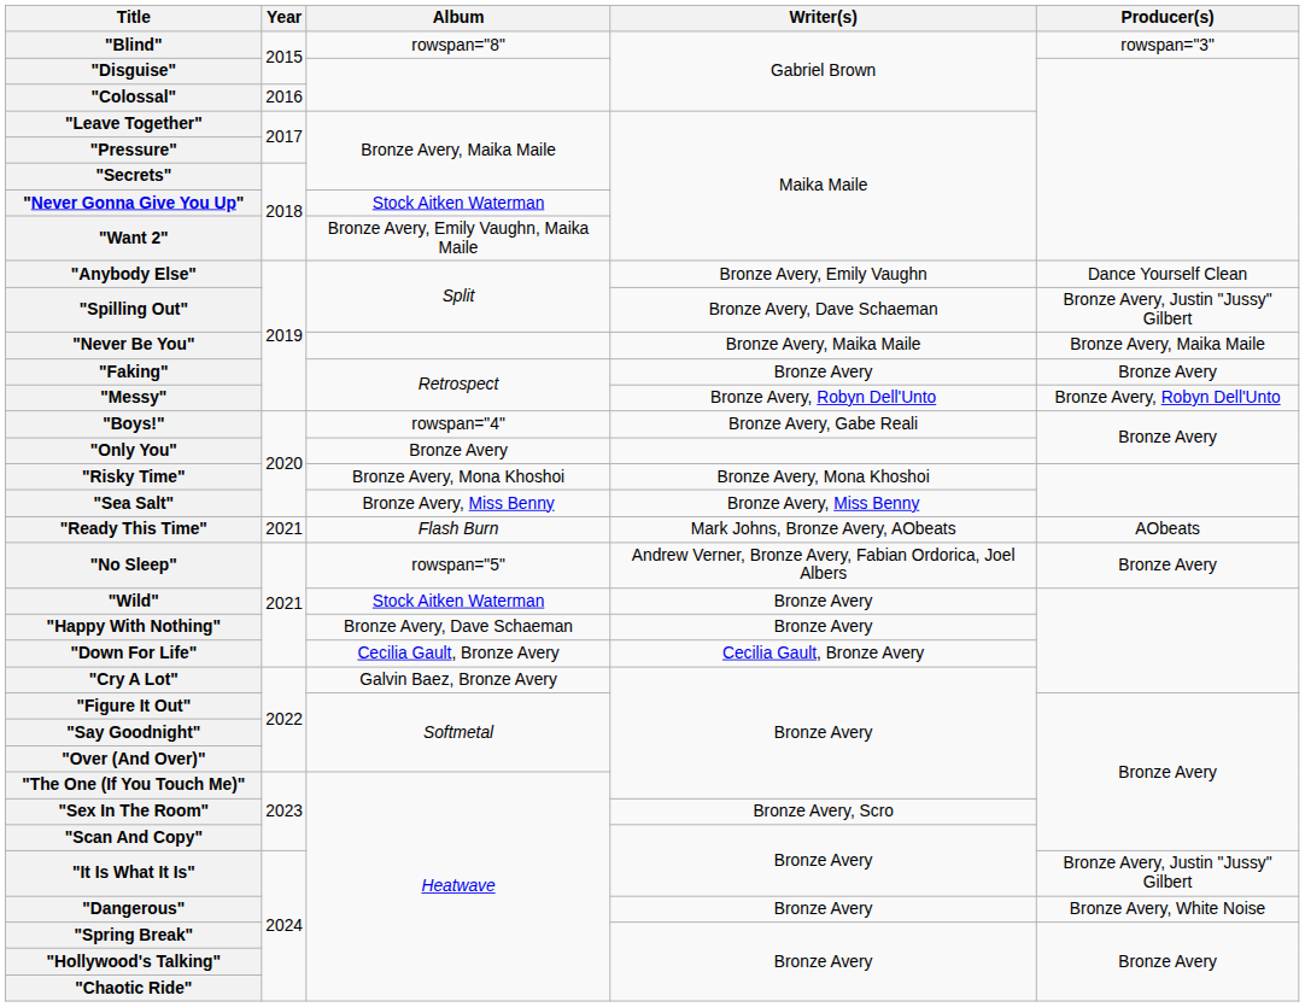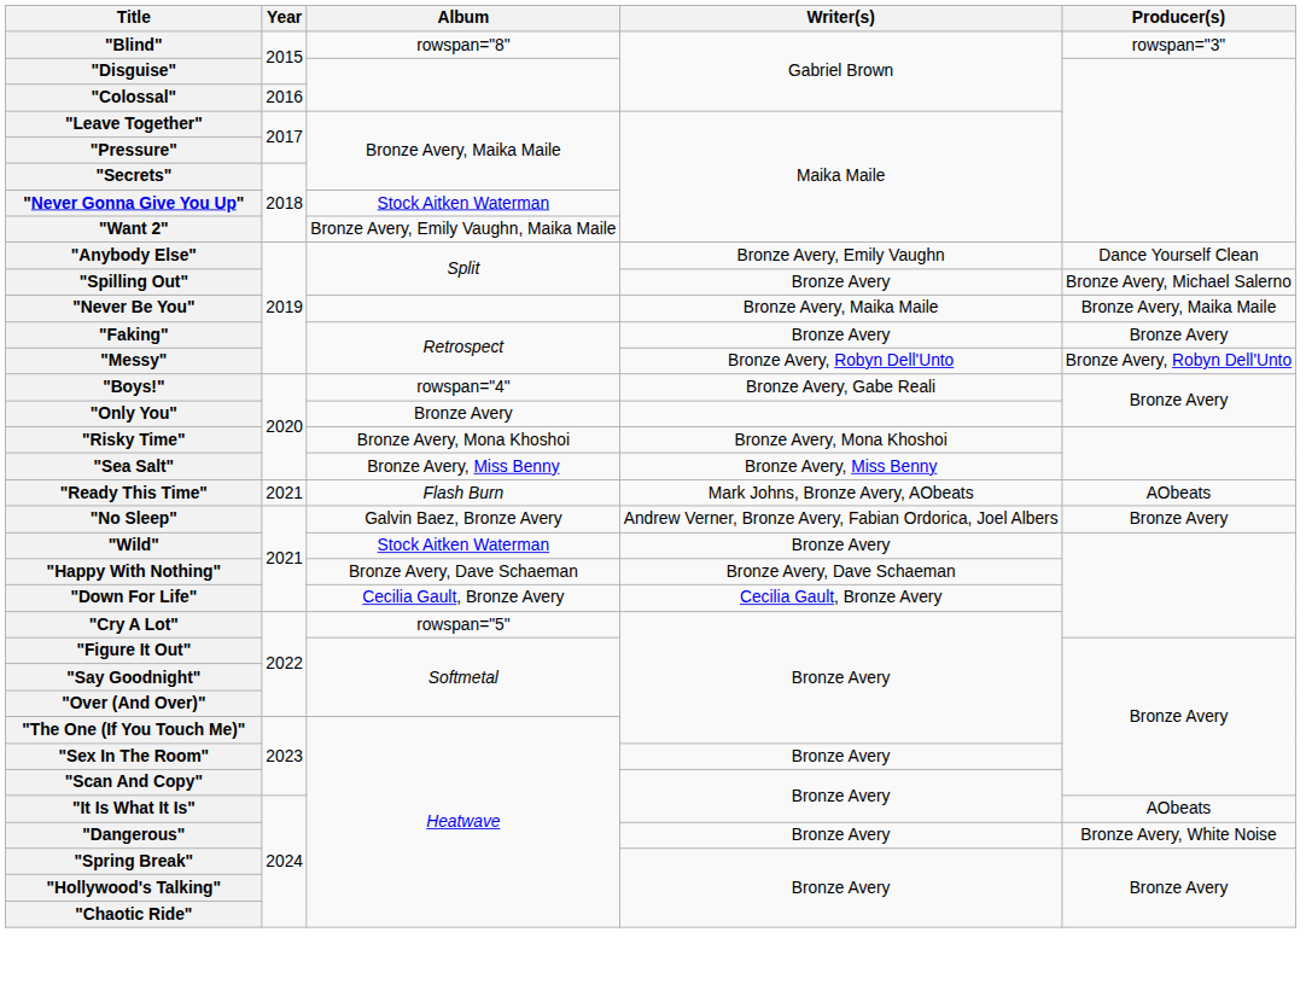 <table class="wikitable plainrowheaders" style="text-align:center;">
 <tr>
 <th scope="col" rowspan="1" style="width:15em;">Title</th>
 <th scope="col" rowspan="1">Year</th>
 <th scope="col" rowspan="1">Album</th>
 <th>Writer(s)</th>
 <th>Producer(s)</th>
 </tr>
 <tr>
 <th scope="row">"Blind"<br></th>
 <td rowspan="2">2015</td>
 <td>rowspan="8" </td>
 <td rowspan="3">Gabriel Brown</td>
 <td>rowspan="3" </td>
 </tr>
 <tr>
 <th scope="row">"Disguise"<br></th>
 </tr>
 <tr>
 <th scope="row">"Colossal"<br></th>
 <td>2016</td>
 </tr>
 <tr>
 <th scope="row">"Leave Together"</th>
 <td rowspan="2">2017</td>
 <td rowspan="3">Bronze Avery, Maika Maile</td>
 <td rowspan="5">Maika Maile</td>
 </tr>
 <tr>
 <th scope="row">"Pressure"</th>
 </tr>
 <tr>
 <th scope="row">"Secrets"</th>
 <td rowspan="3">2018</td>
 </tr>
 <tr>
 <th scope="row">"<a href='#'>Never Gonna Give You Up</a>"</th>
 <td><a href='#'>Stock Aitken Waterman</a></td>
 </tr>
 <tr>
 <th scope="row">"Want 2"</th>
 <td>Bronze Avery, Emily Vaughn, Maika Maile</td>
 </tr>
 <tr>
 <th scope="row">"Anybody Else"</th>
 <td rowspan="5">2019</td>
 <td rowspan="2"><em>Split</em></td>
 <td>Bronze Avery, Emily Vaughn</td>
 <td>Dance Yourself Clean</td>
 </tr>
 <tr>
 <th scope="row">"Spilling Out"</th>
-<td>Bronze Avery, Dave Schaeman</td>
-<td>Bronze Avery, Justin "Jussy" Gilbert</td>
+<td>Bronze Avery</td>
+<td>Bronze Avery, Michael Salerno</td>
 </tr>
 <tr>
 <th scope="row">"Never Be You"</th>
 <td></td>
 <td>Bronze Avery, Maika Maile</td>
 <td>Bronze Avery, Maika Maile</td>
 </tr>
 <tr>
 <th scope="row">"Faking"</th>
 <td rowspan="2"><em>Retrospect</em></td>
 <td>Bronze Avery</td>
 <td>Bronze Avery</td>
 </tr>
 <tr>
 <th scope="row">"Messy"</th>
 <td>Bronze Avery, <a href='#'>Robyn Dell'Unto</a></td>
 <td>Bronze Avery, <a href='#'>Robyn Dell'Unto</a></td>
 </tr>
 <tr>
 <th scope="row">"Boys!"</th>
 <td rowspan="4">2020</td>
 <td>rowspan="4" </td>
 <td>Bronze Avery, Gabe Reali</td>
 <td rowspan="2">Bronze Avery</td>
 </tr>
 <tr>
 <th scope="row">"Only You"</th>
 <td>Bronze Avery</td>
 </tr>
 <tr>
 <th scope="row">"Risky Time"</th>
 <td>Bronze Avery, Mona Khoshoi</td>
 <td>Bronze Avery, Mona Khoshoi</td>
 </tr>
 <tr>
 <th scope="row">"Sea Salt"<br></th>
 <td>Bronze Avery, <a href='#'>Miss Benny</a></td>
 <td>Bronze Avery, <a href='#'>Miss Benny</a></td>
 </tr>
 <tr>
 <th scope="row">"Ready This Time"</th>
 <td>2021</td>
 <td><em>Flash Burn</em></td>
 <td>Mark Johns, Bronze Avery, AObeats</td>
 <td>AObeats</td>
 </tr>
 <tr>
 <th scope="row">"No Sleep"<br></th>
 <td rowspan="4">2021</td>
-<td>rowspan="5" </td>
+<td>Galvin Baez, Bronze Avery</td>
 <td>Andrew Verner, Bronze Avery, Fabian Ordorica, Joel Albers</td>
 <td>Bronze Avery</td>
 </tr>
 <tr>
 <th scope="row">"Wild"</th>
 <td><a href='#'>Stock Aitken Waterman</a></td>
 <td>Bronze Avery</td>
 </tr>
 <tr>
 <th scope="row">"Happy With Nothing"<br></th>
 <td>Bronze Avery, Dave Schaeman</td>
-<td>Bronze Avery</td>
+<td>Bronze Avery, Dave Schaeman</td>
 </tr>
 <tr>
 <th scope="row">"Down For Life"</th>
 <td><a href='#'>Cecilia Gault</a>, Bronze Avery</td>
 <td><a href='#'>Cecilia Gault</a>, Bronze Avery</td>
 </tr>
 <tr>
 <th scope="row">"Cry A Lot"</th>
 <td rowspan="4">2022</td>
-<td>Galvin Baez, Bronze Avery</td>
+<td>rowspan="5" </td>
 <td rowspan="5">Bronze Avery</td>
 </tr>
 <tr>
 <th scope="row">"Figure It Out"</th>
 <td rowspan="3"><em>Softmetal</em></td>
 <td rowspan="6">Bronze Avery</td>
 </tr>
 <tr>
 <th scope="row">"Say Goodnight"</th>
 </tr>
 <tr>
 <th scope="row">"Over (And Over)"</th>
 </tr>
 <tr>
 <th scope="row">"The One (If You Touch Me)"</th>
 <td rowspan="3">2023</td>
 <td rowspan="8"><em><a href='#'>Heatwave</a></em></td>
 </tr>
 <tr>
 <th scope="row">"Sex In The Room"</th>
-<td>Bronze Avery, Scro</td>
+<td>Bronze Avery</td>
 </tr>
 <tr>
 <th scope="row">"Scan And Copy"</th>
 <td rowspan="2">Bronze Avery</td>
 </tr>
 <tr>
 <th scope="row">"It Is What It Is"</th>
 <td rowspan="5">2024</td>
-<td>Bronze Avery, Justin "Jussy" Gilbert</td>
+<td>AObeats</td>
 </tr>
 <tr>
 <th scope="row">"Dangerous"</th>
 <td>Bronze Avery</td>
 <td>Bronze Avery, White Noise</td>
 </tr>
 <tr>
 <th scope="row">"Spring Break"</th>
 <td rowspan="3">Bronze Avery</td>
 <td rowspan="3">Bronze Avery</td>
 </tr>
 <tr>
 <th scope="row">"Hollywood's Talking"</th>
 </tr>
 <tr>
 <th scope="row">"Chaotic Ride"</th>
 </tr>
 </table>
